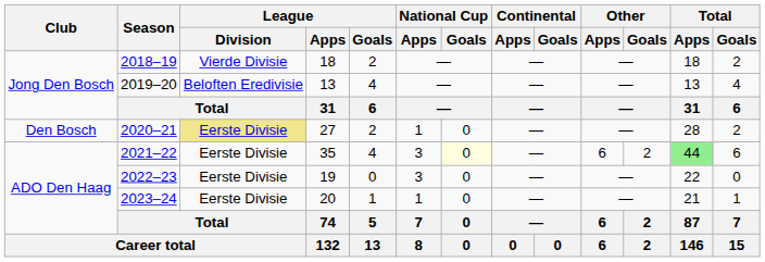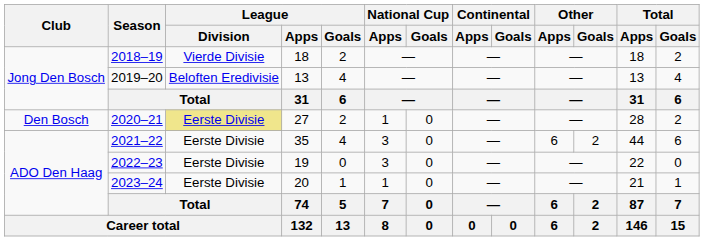 <table class="wikitable" style="text-align:center">
 <tr>
 <th rowspan="2">Club</th>
 <th rowspan="2">Season</th>
 <th colspan="3">League</th>
 <th colspan="2">National Cup</th>
 <th colspan="2">Continental</th>
 <th colspan="2">Other</th>
 <th colspan="2">Total</th>
 </tr>
 <tr>
 <th>Division</th>
 <th>Apps</th>
 <th>Goals</th>
 <th>Apps</th>
 <th>Goals</th>
 <th>Apps</th>
 <th>Goals</th>
 <th>Apps</th>
 <th>Goals</th>
 <th>Apps</th>
 <th>Goals</th>
 </tr>
 <tr>
 <td rowspan="3"><a href='#'>Jong Den Bosch</a></td>
 <td><a href='#'>2018–19</a></td>
 <td><a href='#'>Vierde Divisie</a></td>
 <td>18</td>
 <td>2</td>
 <td colspan="2">—</td>
 <td colspan="2">—</td>
 <td colspan="2">—</td>
 <td>18</td>
 <td>2</td>
 </tr>
 <tr>
 <td>2019–20</td>
 <td><a href='#'>Beloften Eredivisie</a></td>
 <td>13</td>
 <td>4</td>
 <td colspan="2">—</td>
 <td colspan="2">—</td>
 <td colspan="2">—</td>
 <td>13</td>
 <td>4</td>
 </tr>
 <tr>
 <th colspan="2">Total</th>
 <th>31</th>
 <th>6</th>
 <th colspan="2">—</th>
 <th colspan="2">—</th>
 <th colspan="2">—</th>
 <th>31</th>
 <th>6</th>
 </tr>
 <tr>
 <td><a href='#'>Den Bosch</a></td>
 <td><a href='#'>2020–21</a></td>
 <td style="background: khaki;"><a href='#'>Eerste Divisie</a></td>
 <td>27</td>
 <td>2</td>
 <td>1</td>
 <td>0</td>
 <td colspan="2">—</td>
 <td colspan="2">—</td>
 <td>28</td>
 <td>2</td>
 </tr>
 <tr>
 <td rowspan="4"><a href='#'>ADO Den Haag</a></td>
 <td><a href='#'>2021–22</a></td>
 <td>Eerste Divisie</td>
 <td>35</td>
 <td>4</td>
 <td>3</td>
-<td style="background: lightyellow;">0</td>
+<td>0</td>
 <td colspan="2">—</td>
 <td>6</td>
 <td>2</td>
-<td style="background: lightgreen;">44</td>
+<td>44</td>
 <td>6</td>
 </tr>
 <tr>
 <td><a href='#'>2022–23</a></td>
 <td>Eerste Divisie</td>
 <td>19</td>
 <td>0</td>
 <td>3</td>
 <td>0</td>
 <td colspan="2">—</td>
 <td colspan="2">—</td>
 <td>22</td>
 <td>0</td>
 </tr>
 <tr>
 <td><a href='#'>2023–24</a></td>
 <td>Eerste Divisie</td>
 <td>20</td>
 <td>1</td>
 <td>1</td>
 <td>0</td>
 <td colspan="2">—</td>
 <td colspan="2">—</td>
 <td>21</td>
 <td>1</td>
 </tr>
 <tr>
 <th colspan="2">Total</th>
 <th>74</th>
 <th>5</th>
 <th>7</th>
 <th>0</th>
 <th colspan="2">—</th>
 <th>6</th>
 <th>2</th>
 <th>87</th>
 <th>7</th>
 </tr>
 <tr>
 <th colspan="3">Career total</th>
 <th>132</th>
 <th>13</th>
 <th>8</th>
 <th>0</th>
 <th>0</th>
 <th>0</th>
 <th>6</th>
 <th>2</th>
 <th>146</th>
 <th>15</th>
 </tr>
 </table>
